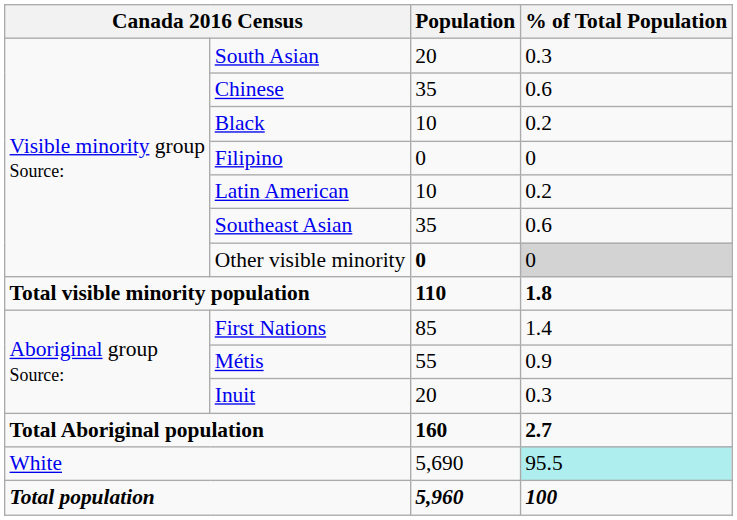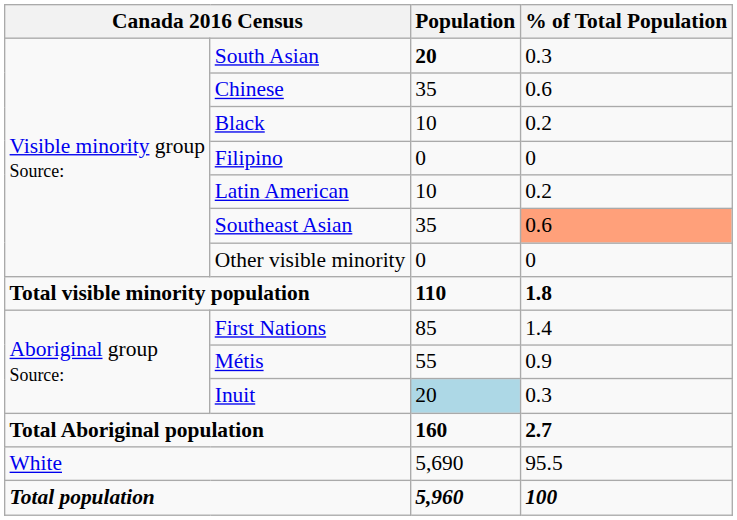 <table class="wikitable">
 <tr>
 <th colspan="2">Canada 2016 Census</th>
 <th>Population</th>
 <th>% of Total Population</th>
 </tr>
 <tr>
 <td rowspan="7"><a href='#'>Visible minority</a> group<br><small>Source:</small></td>
 <td><a href='#'>South Asian</a></td>
-<td>20</td>
+<td><strong>20</strong></td>
 <td>0.3</td>
 </tr>
 <tr>
 <td><a href='#'>Chinese</a></td>
 <td>35</td>
 <td>0.6</td>
 </tr>
 <tr>
 <td><a href='#'>Black</a></td>
 <td>10</td>
 <td>0.2</td>
 </tr>
 <tr>
 <td><a href='#'>Filipino</a></td>
 <td>0</td>
 <td>0</td>
 </tr>
 <tr>
 <td><a href='#'>Latin American</a></td>
 <td>10</td>
 <td>0.2</td>
 </tr>
 <tr>
 <td><a href='#'>Southeast Asian</a></td>
 <td>35</td>
-<td>0.6</td>
+<td style="background: lightsalmon;">0.6</td>
 </tr>
 <tr>
 <td>Other visible minority</td>
-<td><strong>0</strong></td>
-<td style="background: lightgrey;">0</td>
+<td>0</td>
+<td>0</td>
 </tr>
 <tr>
 <td colspan="2"><strong>Total visible minority population</strong></td>
 <td><strong>110</strong></td>
 <td><strong>1.8</strong></td>
 </tr>
 <tr>
 <td rowspan="3"><a href='#'>Aboriginal</a> group<br><small>Source:</small></td>
 <td><a href='#'>First Nations</a></td>
 <td>85</td>
 <td>1.4</td>
 </tr>
 <tr>
 <td><a href='#'>Métis</a></td>
 <td>55</td>
 <td>0.9</td>
 </tr>
 <tr>
 <td><a href='#'>Inuit</a></td>
-<td>20</td>
+<td style="background: lightblue;">20</td>
 <td>0.3</td>
 </tr>
 <tr>
 <td colspan="2"><strong>Total Aboriginal population</strong></td>
 <td><strong>160</strong></td>
 <td><strong>2.7</strong></td>
 </tr>
 <tr>
 <td colspan="2"><a href='#'>White</a></td>
 <td>5,690</td>
-<td style="background: paleturquoise;">95.5</td>
+<td>95.5</td>
 </tr>
 <tr>
 <td colspan="2"><strong><em>Total population</em></strong></td>
 <td><strong><em>5,960</em></strong></td>
 <td><strong><em>100</em></strong></td>
 </tr>
 </table>
